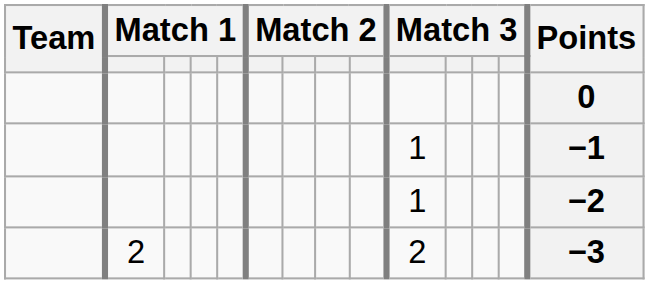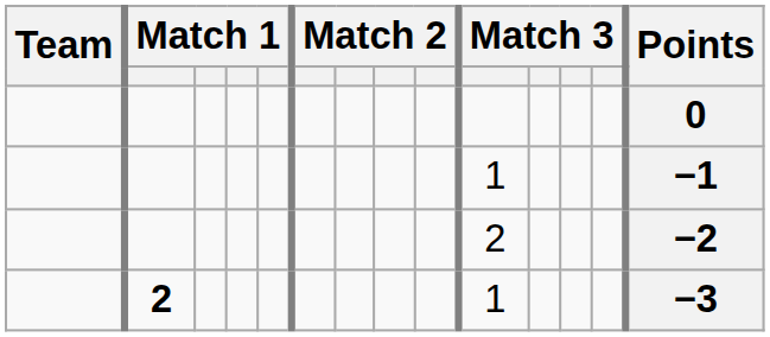 <table class="wikitable sortable" style="text-align:center;">
 <tr>
 <th rowspan=2>Team</th>
 <th colspan=4 style="border-left:3px solid gray">Match 1</th>
 <th colspan=4 style="border-left:3px solid gray">Match 2</th>
 <th colspan=4 style="border-left:3px solid gray">Match 3</th>
 <th rowspan=2 style="border-left:3px solid gray">Points</th>
 </tr>
 <tr>
 <th style="border-left:3px solid gray"></th>
 <th></th>
 <th></th>
 <th></th>
 <th style="border-left:3px solid gray"></th>
 <th></th>
 <th></th>
 <th></th>
 <th style="border-left:3px solid gray"></th>
 <th></th>
 <th></th>
 <th></th>
 </tr>
 <tr>
 <td align=left></td>
 <td style="border-left:3px solid gray"></td>
 <td></td>
 <td></td>
 <td></td>
 <td style="border-left:3px solid gray"></td>
 <td></td>
 <td></td>
 <td></td>
 <td style="border-left:3px solid gray"></td>
 <td></td>
 <td></td>
 <td></td>
 <th style="border-left:3px solid gray">0</th>
 </tr>
 <tr>
 <td align=left></td>
 <td style="border-left:3px solid gray"></td>
 <td></td>
 <td></td>
 <td></td>
 <td style="border-left:3px solid gray"></td>
 <td></td>
 <td></td>
 <td></td>
 <td style="border-left:3px solid gray">1</td>
 <td></td>
 <td></td>
 <td></td>
 <th style="border-left:3px solid gray">−1</th>
 </tr>
 <tr>
 <td align=left></td>
 <td style="border-left:3px solid gray"></td>
 <td></td>
 <td></td>
 <td></td>
 <td style="border-left:3px solid gray"></td>
 <td></td>
 <td></td>
 <td></td>
-<td style="border-left:3px solid gray">1</td>
+<td style="border-left:3px solid gray">2</td>
 <td></td>
 <td></td>
 <td></td>
 <th style="border-left:3px solid gray">−2</th>
 </tr>
 <tr>
 <td align=left></td>
-<td style="border-left:3px solid gray">2</td>
+<td style="border-left:3px solid gray"><strong>2</strong></td>
 <td></td>
 <td></td>
 <td></td>
 <td style="border-left:3px solid gray"></td>
 <td></td>
 <td></td>
 <td></td>
-<td style="border-left:3px solid gray">2</td>
+<td style="border-left:3px solid gray">1</td>
 <td></td>
 <td></td>
 <td></td>
 <th style="border-left:3px solid gray">−3</th>
 </tr>
 </table>
